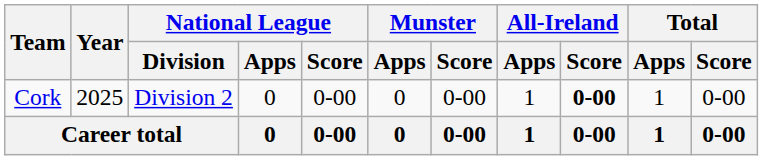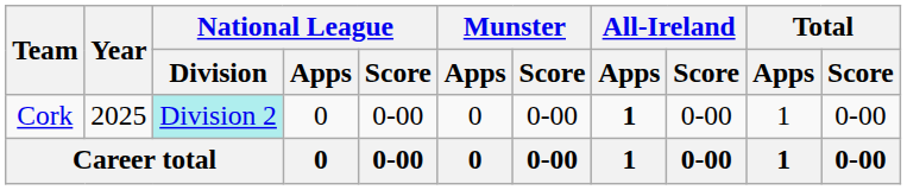 <table class="wikitable" style="text-align:center">
 <tr>
 <th rowspan="2">Team</th>
 <th rowspan="2">Year</th>
 <th colspan="3"><a href='#'>National League</a></th>
 <th colspan="2"><a href='#'>Munster</a></th>
 <th colspan="2"><a href='#'>All-Ireland</a></th>
 <th colspan="2">Total</th>
 </tr>
 <tr>
 <th>Division</th>
 <th>Apps</th>
 <th>Score</th>
 <th>Apps</th>
 <th>Score</th>
 <th>Apps</th>
 <th>Score</th>
 <th>Apps</th>
 <th>Score</th>
 </tr>
 <tr>
 <td rowspan="1"><a href='#'>Cork</a></td>
 <td>2025</td>
-<td rowspan="1"><a href='#'>Division 2</a></td>
+<td rowspan="1" style="background: paleturquoise;"><a href='#'>Division 2</a></td>
 <td>0</td>
 <td>0-00</td>
 <td>0</td>
 <td>0-00</td>
-<td>1</td>
-<td><strong>0-00</strong></td>
+<td><strong>1</strong></td>
+<td>0-00</td>
 <td>1</td>
 <td>0-00</td>
 </tr>
 <tr>
 <th colspan="3">Career total</th>
 <th>0</th>
 <th>0-00</th>
 <th>0</th>
 <th>0-00</th>
 <th>1</th>
 <th>0-00</th>
 <th>1</th>
 <th>0-00</th>
 </tr>
 </table>
